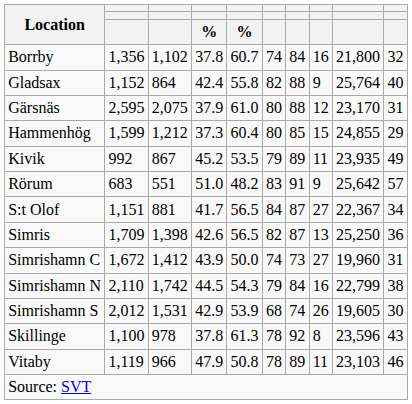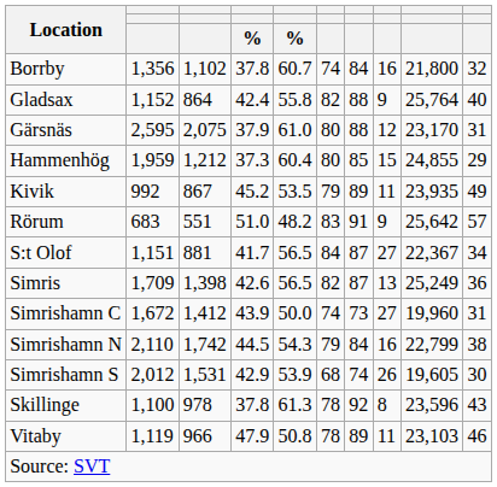 <table role="presentation" class="wikitable sortable mw-collapsible">
 <tr>
 <th rowspan="3">Location</th>
 <th></th>
 <th></th>
 <th></th>
 <th></th>
 <th></th>
 <th></th>
 <th></th>
 <th></th>
 <th></th>
 </tr>
 <tr>
 <th></th>
 <th></th>
 <th style="background:"></th>
 <th style="background:"></th>
 <th></th>
 <th></th>
 <th></th>
 <th></th>
 <th></th>
 </tr>
 <tr>
 <th data-sort-type="number"></th>
 <th data-sort-type="number"></th>
 <th data-sort-type="number">%</th>
 <th data-sort-type="number">%</th>
 <th data-sort-type="number"></th>
 <th data-sort-type="number"></th>
 <th data-sort-type="number"></th>
 <th data-sort-type="number"></th>
 <th data-sort-type="number"></th>
 </tr>
 <tr>
 <td align="left">Borrby</td>
 <td>1,356</td>
 <td>1,102</td>
 <td>37.8</td>
 <td>60.7</td>
 <td>74</td>
 <td>84</td>
 <td>16</td>
 <td>21,800</td>
 <td>32</td>
 </tr>
 <tr>
 <td align="left">Gladsax</td>
 <td>1,152</td>
 <td>864</td>
 <td>42.4</td>
 <td>55.8</td>
 <td>82</td>
 <td>88</td>
 <td>9</td>
 <td>25,764</td>
 <td>40</td>
 </tr>
 <tr>
 <td align="left">Gärsnäs</td>
 <td>2,595</td>
 <td>2,075</td>
 <td>37.9</td>
 <td>61.0</td>
 <td>80</td>
 <td>88</td>
 <td>12</td>
 <td>23,170</td>
 <td>31</td>
 </tr>
 <tr>
 <td align="left">Hammenhög</td>
-<td>1,599</td>
+<td>1,959</td>
 <td>1,212</td>
 <td>37.3</td>
 <td>60.4</td>
 <td>80</td>
 <td>85</td>
 <td>15</td>
 <td>24,855</td>
 <td>29</td>
 </tr>
 <tr>
 <td align="left">Kivik</td>
 <td>992</td>
 <td>867</td>
 <td>45.2</td>
 <td>53.5</td>
 <td>79</td>
 <td>89</td>
 <td>11</td>
 <td>23,935</td>
 <td>49</td>
 </tr>
 <tr>
 <td align="left">Rörum</td>
 <td>683</td>
 <td>551</td>
 <td>51.0</td>
 <td>48.2</td>
 <td>83</td>
 <td>91</td>
 <td>9</td>
 <td>25,642</td>
 <td>57</td>
 </tr>
 <tr>
 <td align="left">S:t Olof</td>
 <td>1,151</td>
 <td>881</td>
 <td>41.7</td>
 <td>56.5</td>
 <td>84</td>
 <td>87</td>
 <td>27</td>
 <td>22,367</td>
 <td>34</td>
 </tr>
 <tr>
 <td align="left">Simris</td>
 <td>1,709</td>
 <td>1,398</td>
 <td>42.6</td>
 <td>56.5</td>
 <td>82</td>
 <td>87</td>
 <td>13</td>
-<td>25,250</td>
+<td>25,249</td>
 <td>36</td>
 </tr>
 <tr>
 <td align="left">Simrishamn C</td>
 <td>1,672</td>
 <td>1,412</td>
 <td>43.9</td>
 <td>50.0</td>
 <td>74</td>
 <td>73</td>
 <td>27</td>
 <td>19,960</td>
 <td>31</td>
 </tr>
 <tr>
 <td align="left">Simrishamn N</td>
 <td>2,110</td>
 <td>1,742</td>
 <td>44.5</td>
 <td>54.3</td>
 <td>79</td>
 <td>84</td>
 <td>16</td>
 <td>22,799</td>
 <td>38</td>
 </tr>
 <tr>
 <td align="left">Simrishamn S</td>
 <td>2,012</td>
 <td>1,531</td>
 <td>42.9</td>
 <td>53.9</td>
 <td>68</td>
 <td>74</td>
 <td>26</td>
 <td>19,605</td>
 <td>30</td>
 </tr>
 <tr>
 <td align="left">Skillinge</td>
 <td>1,100</td>
 <td>978</td>
 <td>37.8</td>
 <td>61.3</td>
 <td>78</td>
 <td>92</td>
 <td>8</td>
 <td>23,596</td>
 <td>43</td>
 </tr>
 <tr>
 <td align="left">Vitaby</td>
 <td>1,119</td>
 <td>966</td>
 <td>47.9</td>
 <td>50.8</td>
 <td>78</td>
 <td>89</td>
 <td>11</td>
 <td>23,103</td>
 <td>46</td>
 </tr>
 <tr>
 <td colspan="10" align="left">Source: <a href='#'>SVT</a></td>
 </tr>
 </table>
